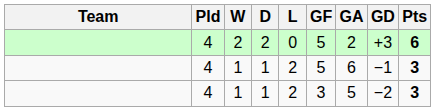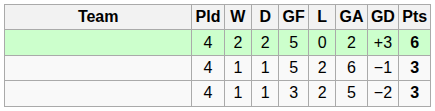 <table class="wikitable" style="text-align:center;">
 <tr>
 <th width=180>Team</th>
 <th width=20>Pld</th>
 <th width=20>W</th>
 <th width=20>D</th>
+<th width=20>GF</th>
 <th width=20>L</th>
-<th width=20>GF</th>
 <th width=20>GA</th>
 <th width=20>GD</th>
 <th width=20>Pts</th>
 </tr>
 <tr bgcolor="ccffcc">
 <td align="left"></td>
 <td>4</td>
 <td>2</td>
 <td>2</td>
+<td>5</td>
 <td>0</td>
-<td>5</td>
 <td>2</td>
 <td>+3</td>
 <td><strong>6</strong></td>
 </tr>
 <tr>
 <td align="left"></td>
 <td>4</td>
 <td>1</td>
 <td>1</td>
+<td>5</td>
 <td>2</td>
-<td>5</td>
 <td>6</td>
 <td>−1</td>
 <td><strong>3</strong></td>
 </tr>
 <tr>
 <td align="left"></td>
 <td>4</td>
 <td>1</td>
 <td>1</td>
+<td>3</td>
 <td>2</td>
-<td>3</td>
 <td>5</td>
 <td>−2</td>
 <td><strong>3</strong></td>
 </tr>
 </table>
